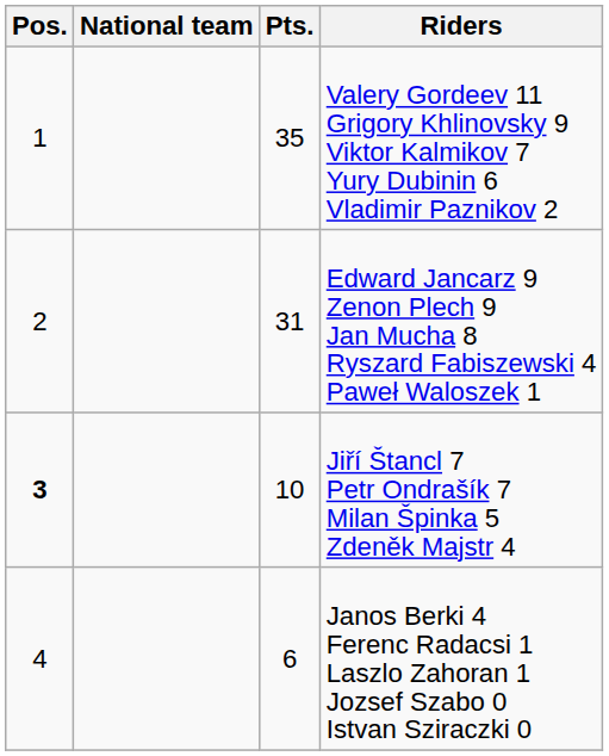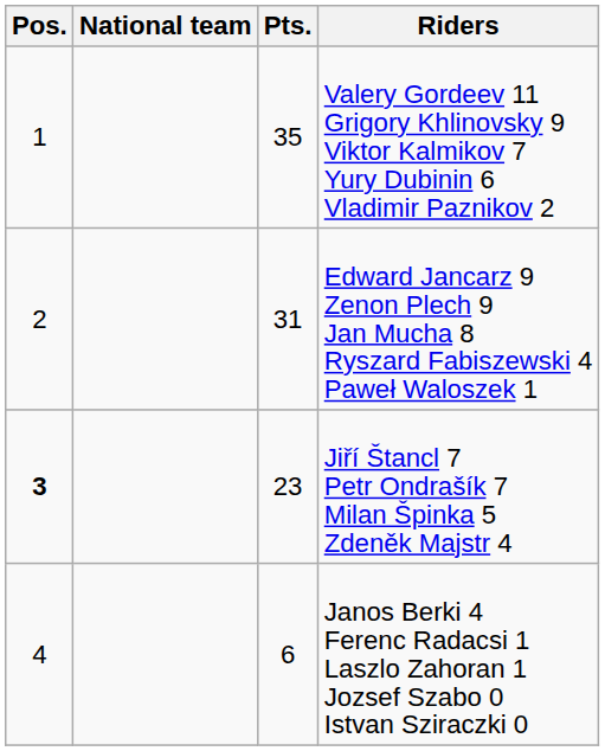 <table class=wikitable style="font-size:93%;">
 <tr>
 <th>Pos.</th>
 <th>National team</th>
 <th>Pts.</th>
 <th>Riders</th>
 </tr>
 <tr align=center >
 <td>1</td>
 <td align=left></td>
 <td>35</td>
 <td align=left><br><a href='#'>Valery Gordeev</a> 11<br> <a href='#'>Grigory Khlinovsky</a> 9<br> <a href='#'>Viktor Kalmikov</a> 7<br> <a href='#'>Yury Dubinin</a> 6<br> <a href='#'>Vladimir Paznikov</a> 2</td>
 </tr>
 <tr align=center >
 <td>2</td>
 <td align=left></td>
 <td>31</td>
 <td align=left><br><a href='#'>Edward Jancarz</a> 9<br> <a href='#'>Zenon Plech</a> 9<br> <a href='#'>Jan Mucha</a> 8<br> <a href='#'>Ryszard Fabiszewski</a> 4<br> <a href='#'>Paweł Waloszek</a> 1</td>
 </tr>
 <tr align=center>
 <td><strong>3</strong></td>
 <td align=left></td>
-<td>10</td>
+<td>23</td>
 <td align=left><br><a href='#'>Jiří Štancl</a> 7<br> <a href='#'>Petr Ondrašík</a> 7<br> <a href='#'>Milan Špinka</a> 5<br> <a href='#'>Zdeněk Majstr</a> 4<br></td>
 </tr>
 <tr align=center>
 <td>4</td>
 <td align=left></td>
 <td>6</td>
 <td align=left><br>Janos Berki 4<br> Ferenc Radacsi 1<br> Laszlo Zahoran 1<br> Jozsef Szabo 0<br> Istvan Sziraczki 0</td>
 </tr>
 </table>
